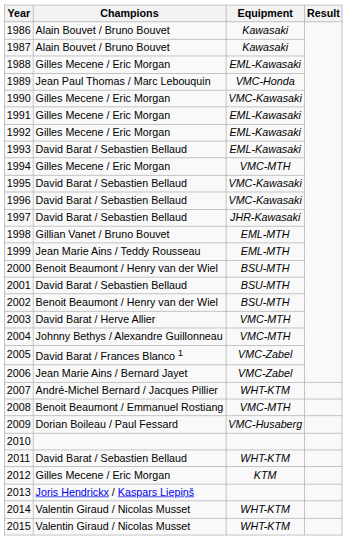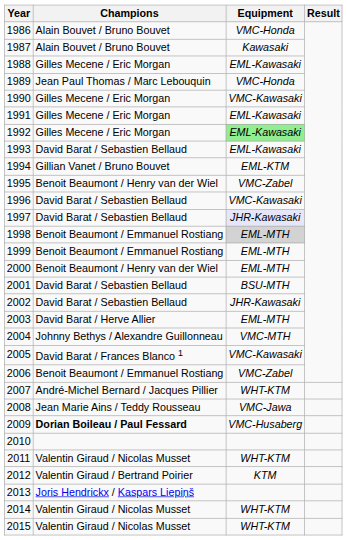 <table class="wikitable" style="display:inline-table;">
 <tr>
 <th>Year</th>
 <th>Champions</th>
 <th>Equipment</th>
 <th>Result</th>
 </tr>
 <tr align="center">
 <td>1986</td>
 <td align="left">Alain Bouvet / Bruno Bouvet</td>
-<td><em>Kawasaki</em></td>
+<td><em>VMC-Honda</em></td>
 <td rowspan=21></td>
 </tr>
 <tr align="center">
 <td>1987</td>
 <td align="left">Alain Bouvet / Bruno Bouvet</td>
 <td><em>Kawasaki</em></td>
 </tr>
 <tr align="center">
 <td>1988</td>
 <td align="left">Gilles Mecene / Eric Morgan</td>
 <td><em>EML-Kawasaki</em></td>
 </tr>
 <tr align="center">
 <td>1989</td>
 <td align="left">Jean Paul Thomas / Marc Lebouquin</td>
 <td><em>VMC-Honda</em></td>
 </tr>
 <tr align="center">
 <td>1990</td>
 <td align="left">Gilles Mecene / Eric Morgan</td>
 <td><em>VMC-Kawasaki</em></td>
 </tr>
 <tr align="center">
 <td>1991</td>
 <td align="left">Gilles Mecene / Eric Morgan</td>
 <td><em>EML-Kawasaki</em></td>
 </tr>
 <tr align="center">
 <td>1992</td>
 <td align="left">Gilles Mecene / Eric Morgan</td>
-<td><em>EML-Kawasaki</em></td>
+<td style="background: lightgreen;"><em>EML-Kawasaki</em></td>
 </tr>
 <tr align="center">
 <td>1993</td>
 <td align="left">David Barat / Sebastien Bellaud</td>
 <td><em>EML-Kawasaki</em></td>
 </tr>
 <tr align="center">
 <td>1994</td>
-<td align="left">Gilles Mecene / Eric Morgan</td>
-<td><em>VMC-MTH</em></td>
+<td align="left">Gillian Vanet / Bruno Bouvet</td>
+<td><em>EML-KTM</em></td>
 </tr>
 <tr align="center">
 <td>1995</td>
-<td align="left">David Barat / Sebastien Bellaud</td>
-<td><em>VMC-Kawasaki</em></td>
+<td align="left">Benoit Beaumont / Henry van der Wiel</td>
+<td><em>VMC-Zabel</em></td>
 </tr>
 <tr align="center">
 <td>1996</td>
 <td align="left">David Barat / Sebastien Bellaud</td>
 <td><em>VMC-Kawasaki</em></td>
 </tr>
 <tr align="center">
 <td>1997</td>
 <td align="left">David Barat / Sebastien Bellaud</td>
-<td><em>JHR-Kawasaki</em></td>
+<td style="background: lavender;"><em>JHR-Kawasaki</em></td>
 </tr>
 <tr align="center">
 <td>1998</td>
-<td align="left">Gillian Vanet / Bruno Bouvet</td>
-<td><em>EML-MTH</em></td>
+<td align="left">Benoit Beaumont / Emmanuel Rostiang</td>
+<td style="background: lightgrey;"><em>EML-MTH</em></td>
 </tr>
 <tr align="center">
 <td>1999</td>
-<td align="left">Jean Marie Ains / Teddy Rousseau</td>
+<td align="left">Benoit Beaumont / Emmanuel Rostiang</td>
 <td><em>EML-MTH</em></td>
 </tr>
 <tr align="center">
 <td>2000</td>
 <td align="left">Benoit Beaumont / Henry van der Wiel</td>
-<td><em>BSU-MTH</em></td>
+<td><em>EML-MTH</em></td>
 </tr>
 <tr align="center">
 <td>2001</td>
 <td align="left">David Barat / Sebastien Bellaud</td>
 <td><em>BSU-MTH</em></td>
 </tr>
 <tr align="center">
 <td>2002</td>
-<td align="left">Benoit Beaumont / Henry van der Wiel</td>
-<td><em>BSU-MTH</em></td>
+<td align="left">David Barat / Sebastien Bellaud</td>
+<td><em>JHR-Kawasaki</em></td>
 </tr>
 <tr align="center">
 <td>2003</td>
 <td align="left">David Barat / Herve Allier</td>
-<td><em>VMC-MTH</em></td>
+<td><em>EML-MTH</em></td>
 </tr>
 <tr align="center">
 <td>2004</td>
 <td align="left">Johnny Bethys / Alexandre Guillonneau</td>
 <td><em>VMC-MTH</em></td>
 </tr>
 <tr align="center">
 <td>2005</td>
 <td align="left">David Barat / Frances Blanco <sup>1</sup></td>
-<td><em>VMC-Zabel</em></td>
+<td><em>VMC-Kawasaki</em></td>
 </tr>
 <tr align="center">
 <td>2006</td>
-<td align="left">Jean Marie Ains / Bernard Jayet</td>
+<td align="left">Benoit Beaumont / Emmanuel Rostiang</td>
 <td><em>VMC-Zabel</em></td>
 </tr>
 <tr align="center">
 <td>2007</td>
 <td align="left">André-Michel Bernard / Jacques Pillier</td>
 <td><em>WHT-KTM</em></td>
 <td></td>
 </tr>
 <tr align="center">
 <td>2008</td>
-<td align="left">Benoit Beaumont / Emmanuel Rostiang</td>
-<td><em>VMC-MTH</em></td>
+<td align="left">Jean Marie Ains / Teddy Rousseau</td>
+<td><em>VMC-Jawa</em></td>
 <td></td>
 </tr>
 <tr align="center">
 <td>2009</td>
-<td align="left">Dorian Boileau / Paul Fessard</td>
+<td align="left"><strong>Dorian Boileau / Paul Fessard</strong></td>
 <td><em>VMC-Husaberg</em></td>
 <td> </td>
 </tr>
 <tr align="center">
 <td>2010</td>
 <td align="left"></td>
 <td></td>
 <td></td>
 </tr>
 <tr align="center">
 <td>2011</td>
-<td align="left">David Barat / Sebastien Bellaud</td>
+<td align="left">Valentin Giraud / Nicolas Musset</td>
 <td><em>WHT-KTM</em></td>
 <td> </td>
 </tr>
 <tr align="center">
 <td>2012</td>
-<td align="left">Gilles Mecene / Eric Morgan</td>
+<td align="left">Valentin Giraud / Bertrand Poirier</td>
 <td><em>KTM</em></td>
 <td></td>
 </tr>
 <tr align="center">
 <td>2013</td>
 <td align="left"><a href='#'>Joris Hendrickx</a> / <a href='#'>Kaspars Liepiņš</a></td>
 <td></td>
 <td></td>
 </tr>
 <tr align="center">
 <td>2014</td>
 <td align="left">Valentin Giraud / Nicolas Musset</td>
 <td><em>WHT-KTM</em></td>
 <td></td>
 </tr>
 <tr align="center">
 <td>2015</td>
 <td align="left">Valentin Giraud / Nicolas Musset</td>
 <td><em>WHT-KTM</em></td>
 <td></td>
 </tr>
 </table>
